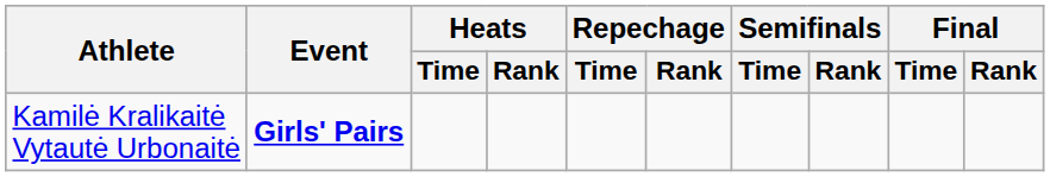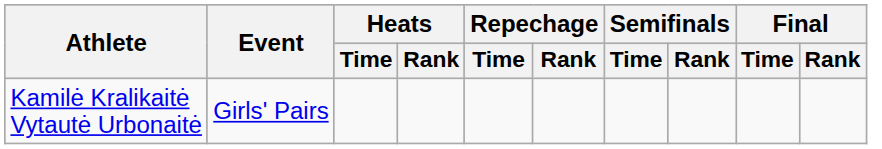 <table class="wikitable" style="font-size:90%">
 <tr>
 <th rowspan="2">Athlete</th>
 <th rowspan="2">Event</th>
 <th colspan="2">Heats</th>
 <th colspan="2">Repechage</th>
 <th colspan="2">Semifinals</th>
 <th colspan="2">Final</th>
 </tr>
 <tr style="font-size:95%">
 <th>Time</th>
 <th>Rank</th>
 <th>Time</th>
 <th>Rank</th>
 <th>Time</th>
 <th>Rank</th>
 <th>Time</th>
 <th>Rank</th>
 </tr>
 <tr align=center>
 <td align=left><a href='#'>Kamilė Kralikaitė</a><br><a href='#'>Vytautė Urbonaitė</a></td>
-<td align=left><strong><a href='#'>Girls' Pairs</a></strong></td>
+<td align=left><a href='#'>Girls' Pairs</a></td>
 <td></td>
 <td></td>
 <td></td>
 <td></td>
 <td></td>
 <td></td>
 <td></td>
 <td></td>
 </tr>
 </table>
